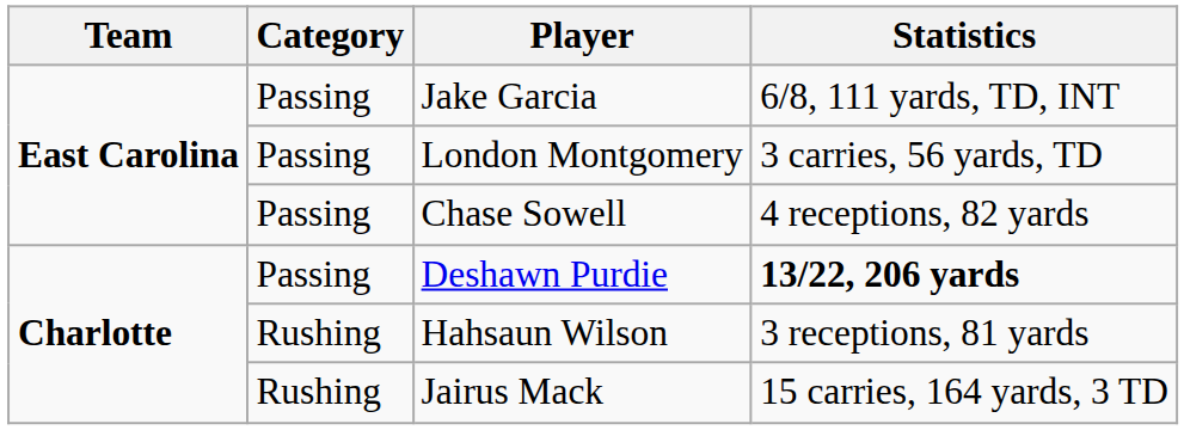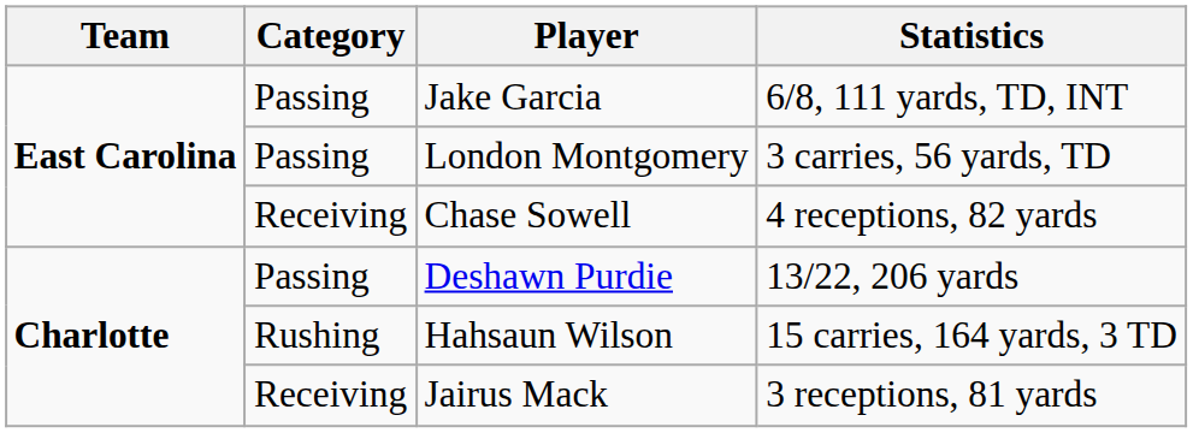 <table class="wikitable" style="float: right;">
 <tr>
 <th>Team</th>
 <th>Category</th>
 <th>Player</th>
 <th>Statistics</th>
 </tr>
 <tr>
 <td rowspan=3><strong>East Carolina</strong></td>
 <td>Passing</td>
 <td>Jake Garcia</td>
 <td>6/8, 111 yards, TD, INT</td>
 </tr>
 <tr>
 <td>Passing</td>
 <td>London Montgomery</td>
 <td>3 carries, 56 yards, TD</td>
 </tr>
 <tr>
-<td>Passing</td>
+<td>Receiving</td>
 <td>Chase Sowell</td>
 <td>4 receptions, 82 yards</td>
 </tr>
 <tr>
 <td rowspan=3><strong>Charlotte</strong></td>
 <td>Passing</td>
 <td><a href='#'>Deshawn Purdie</a></td>
-<td><strong>13/22, 206 yards</strong></td>
+<td>13/22, 206 yards</td>
 </tr>
 <tr>
 <td>Rushing</td>
 <td>Hahsaun Wilson</td>
+<td>15 carries, 164 yards, 3 TD</td>
+</tr>
+<tr>
+<td>Receiving</td>
+<td>Jairus Mack</td>
 <td>3 receptions, 81 yards</td>
 </tr>
-<tr>
-<td>Rushing</td>
-<td>Jairus Mack</td>
-<td>15 carries, 164 yards, 3 TD</td>
-</tr>
 </table>
